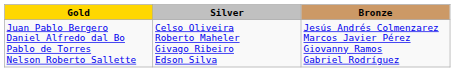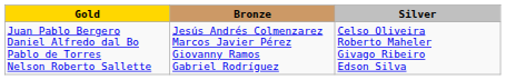 <table class="wikitable" style="text-align:left">
 <tr align="center">
 <td width=200 bgcolor=gold><strong>Gold</strong></td>
+<td width=200 bgcolor=CC9966><strong>Bronze</strong></td>
 <td width=200 bgcolor=silver><strong>Silver</strong></td>
-<td width=200 bgcolor=CC9966><strong>Bronze</strong></td>
 </tr>
 <tr>
 <td><a href='#'>Juan Pablo Bergero</a><br><a href='#'>Daniel Alfredo dal Bo</a><br><a href='#'>Pablo de Torres</a><br><a href='#'>Nelson Roberto Sallette</a><br><em></em></td>
+<td><a href='#'>Jesús Andrés Colmenzarez</a><br><a href='#'>Marcos Javier Pérez</a><br><a href='#'>Giovanny Ramos</a><br><a href='#'>Gabriel Rodríguez</a><br><em></em></td>
 <td><a href='#'>Celso Oliveira</a><br><a href='#'>Roberto Maheler</a><br><a href='#'>Givago Ribeiro</a><br><a href='#'>Edson Silva</a><br><em></em></td>
-<td><a href='#'>Jesús Andrés Colmenzarez</a><br><a href='#'>Marcos Javier Pérez</a><br><a href='#'>Giovanny Ramos</a><br><a href='#'>Gabriel Rodríguez</a><br><em></em></td>
 </tr>
 </table>
